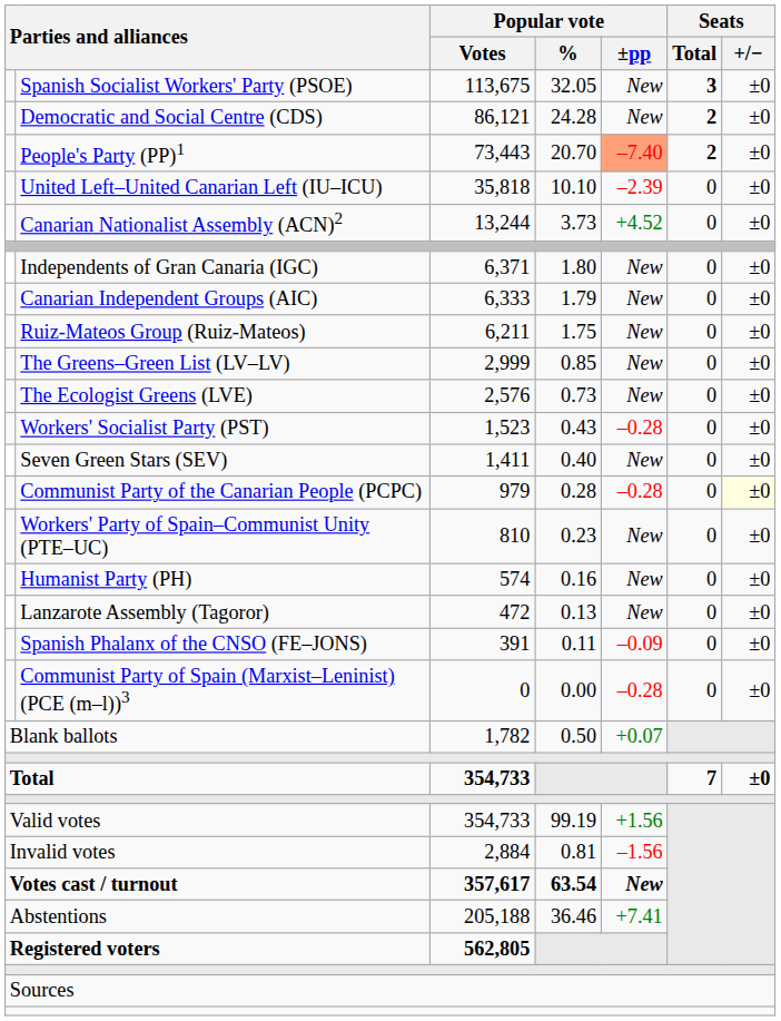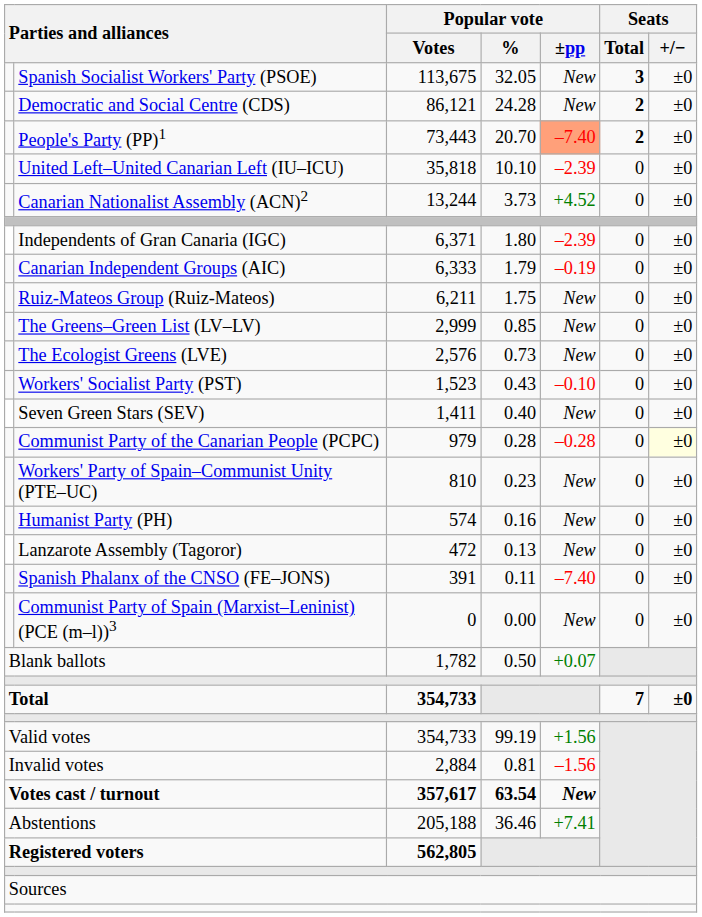 <table class="wikitable" style="text-align:right;">
 <tr>
 <th style="text-align:left;" rowspan="2" colspan="2" width="525">Parties and alliances</th>
 <th colspan="3">Popular vote</th>
 <th colspan="2">Seats</th>
 </tr>
 <tr>
 <th width="75">Votes</th>
 <th width="45">%</th>
 <th width="45">±<a href='#'>pp</a></th>
 <th width="35">Total</th>
 <th width="35">+/−</th>
 </tr>
 <tr>
 <td width="1" style="color:inherit;background:"></td>
 <td align="left"><a href='#'>Spanish Socialist Workers' Party</a> (PSOE)</td>
 <td>113,675</td>
 <td>32.05</td>
 <td><em>New</em></td>
 <td><strong>3</strong></td>
 <td>±0</td>
 </tr>
 <tr>
 <td style="color:inherit;background:"></td>
 <td align="left"><a href='#'>Democratic and Social Centre</a> (CDS)</td>
 <td>86,121</td>
 <td>24.28</td>
 <td><em>New</em></td>
 <td><strong>2</strong></td>
 <td>±0</td>
 </tr>
 <tr>
 <td style="color:inherit;background:"></td>
 <td align="left"><a href='#'>People's Party</a> (PP)<sup>1</sup></td>
 <td>73,443</td>
 <td>20.70</td>
 <td style="background: lightsalmon; color:red;">–7.40</td>
 <td><strong>2</strong></td>
 <td>±0</td>
 </tr>
 <tr>
 <td style="color:inherit;background:"></td>
 <td align="left"><a href='#'>United Left–United Canarian Left</a> (IU–ICU)</td>
 <td>35,818</td>
 <td>10.10</td>
 <td style="color:red;">–2.39</td>
 <td>0</td>
 <td>±0</td>
 </tr>
 <tr>
 <td style="color:inherit;background:"></td>
 <td align="left"><a href='#'>Canarian Nationalist Assembly</a> (ACN)<sup>2</sup></td>
 <td>13,244</td>
 <td>3.73</td>
 <td style="color:green;">+4.52</td>
 <td>0</td>
 <td>±0</td>
 </tr>
 <tr>
 <td colspan="7" bgcolor="#C0C0C0"></td>
 </tr>
 <tr>
 <td bgcolor="white"></td>
 <td align="left">Independents of Gran Canaria (IGC)</td>
 <td>6,371</td>
 <td>1.80</td>
-<td><em>New</em></td>
+<td style="color:red;">–2.39</td>
 <td>0</td>
 <td>±0</td>
 </tr>
 <tr>
 <td style="color:inherit;background:"></td>
 <td align="left"><a href='#'>Canarian Independent Groups</a> (AIC)</td>
 <td>6,333</td>
 <td>1.79</td>
-<td><em>New</em></td>
+<td style="color:red;">–0.19</td>
 <td>0</td>
 <td>±0</td>
 </tr>
 <tr>
 <td style="color:inherit;background:"></td>
 <td align="left"><a href='#'>Ruiz-Mateos Group</a> (Ruiz-Mateos)</td>
 <td>6,211</td>
 <td>1.75</td>
 <td><em>New</em></td>
 <td>0</td>
 <td>±0</td>
 </tr>
 <tr>
 <td style="color:inherit;background:"></td>
 <td align="left"><a href='#'>The Greens–Green List</a> (LV–LV)</td>
 <td>2,999</td>
 <td>0.85</td>
 <td><em>New</em></td>
 <td>0</td>
 <td>±0</td>
 </tr>
 <tr>
 <td style="color:inherit;background:"></td>
 <td align="left"><a href='#'>The Ecologist Greens</a> (LVE)</td>
 <td>2,576</td>
 <td>0.73</td>
 <td><em>New</em></td>
 <td>0</td>
 <td>±0</td>
 </tr>
 <tr>
 <td style="color:inherit;background:"></td>
 <td align="left"><a href='#'>Workers' Socialist Party</a> (PST)</td>
 <td>1,523</td>
 <td>0.43</td>
-<td style="color:red;">–0.28</td>
+<td style="color:red;">–0.10</td>
 <td>0</td>
 <td>±0</td>
 </tr>
 <tr>
 <td bgcolor="white"></td>
 <td align="left">Seven Green Stars (SEV)</td>
 <td>1,411</td>
 <td>0.40</td>
 <td><em>New</em></td>
 <td>0</td>
 <td>±0</td>
 </tr>
 <tr>
 <td style="color:inherit;background:"></td>
 <td align="left"><a href='#'>Communist Party of the Canarian People</a> (PCPC)</td>
 <td>979</td>
 <td>0.28</td>
 <td style="color:red;">–0.28</td>
 <td>0</td>
 <td style="background: lightyellow;">±0</td>
 </tr>
 <tr>
 <td style="color:inherit;background:"></td>
 <td align="left"><a href='#'>Workers' Party of Spain–Communist Unity</a> (PTE–UC)</td>
 <td>810</td>
 <td>0.23</td>
 <td><em>New</em></td>
 <td>0</td>
 <td>±0</td>
 </tr>
 <tr>
 <td style="color:inherit;background:"></td>
 <td align="left"><a href='#'>Humanist Party</a> (PH)</td>
 <td>574</td>
 <td>0.16</td>
 <td><em>New</em></td>
 <td>0</td>
 <td>±0</td>
 </tr>
 <tr>
 <td bgcolor="white"></td>
 <td align="left">Lanzarote Assembly (Tagoror)</td>
 <td>472</td>
 <td>0.13</td>
 <td><em>New</em></td>
 <td>0</td>
 <td>±0</td>
 </tr>
 <tr>
 <td style="color:inherit;background:"></td>
 <td align="left"><a href='#'>Spanish Phalanx of the CNSO</a> (FE–JONS)</td>
 <td>391</td>
 <td>0.11</td>
-<td style="color:red;">–0.09</td>
+<td style="color:red;">–7.40</td>
 <td>0</td>
 <td>±0</td>
 </tr>
 <tr>
 <td style="color:inherit;background:"></td>
 <td align="left"><a href='#'>Communist Party of Spain (Marxist–Leninist)</a> (PCE (m–l))<sup>3</sup></td>
 <td>0</td>
 <td>0.00</td>
-<td style="color:red;">–0.28</td>
+<td><em>New</em></td>
 <td>0</td>
 <td>±0</td>
 </tr>
 <tr>
 <td align="left" colspan="2">Blank ballots</td>
 <td>1,782</td>
 <td>0.50</td>
 <td style="color:green;">+0.07</td>
 <td bgcolor="#E9E9E9" colspan="2"></td>
 </tr>
 <tr>
 <td colspan="7" bgcolor="#E9E9E9"></td>
 </tr>
 <tr style="font-weight:bold;">
 <td align="left" colspan="2">Total</td>
 <td>354,733</td>
 <td bgcolor="#E9E9E9" colspan="2"></td>
 <td>7</td>
 <td>±0</td>
 </tr>
 <tr>
 <td colspan="7" bgcolor="#E9E9E9"></td>
 </tr>
 <tr>
 <td align="left" colspan="2">Valid votes</td>
 <td>354,733</td>
 <td>99.19</td>
 <td style="color:green;">+1.56</td>
 <td bgcolor="#E9E9E9" colspan="2" rowspan="5"></td>
 </tr>
 <tr>
 <td align="left" colspan="2">Invalid votes</td>
 <td>2,884</td>
 <td>0.81</td>
 <td style="color:red;">–1.56</td>
 </tr>
 <tr style="font-weight:bold;">
 <td align="left" colspan="2">Votes cast / turnout</td>
 <td>357,617</td>
 <td>63.54</td>
 <td><em>New</em></td>
 </tr>
 <tr>
 <td align="left" colspan="2">Abstentions</td>
 <td>205,188</td>
 <td>36.46</td>
 <td style="color:green;">+7.41</td>
 </tr>
 <tr style="font-weight:bold;">
 <td align="left" colspan="2">Registered voters</td>
 <td>562,805</td>
 <td bgcolor="#E9E9E9" colspan="2"></td>
 </tr>
 <tr>
 <td colspan="7" bgcolor="#E9E9E9"></td>
 </tr>
 <tr>
 <td align="left" colspan="7">Sources</td>
 </tr>
 <tr>
 <td colspan="7" style="text-align:left; max-width:790px;"></td>
 </tr>
 </table>
